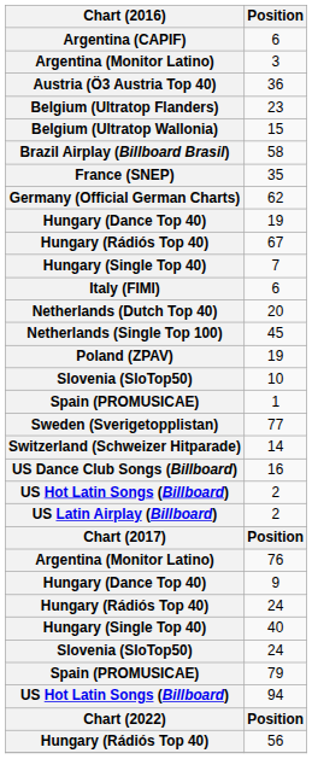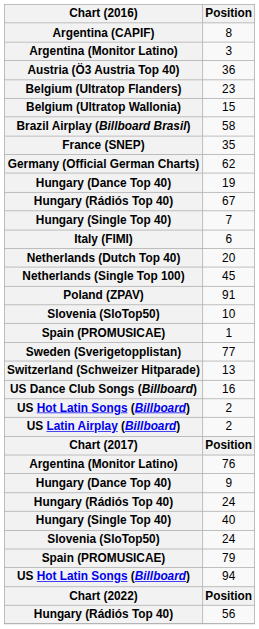 <table class="wikitable plainrowheaders sortable" style="text-align:center">
 <tr>
 <th scope="col">Chart (2016)</th>
 <th scope="col">Position</th>
 </tr>
 <tr>
 <th scope="row">Argentina (CAPIF)</th>
-<td>6</td>
+<td>8</td>
 </tr>
 <tr>
 <th scope="row">Argentina (Monitor Latino)</th>
 <td>3</td>
 </tr>
 <tr>
 <th scope="row">Austria (Ö3 Austria Top 40)</th>
 <td>36</td>
 </tr>
 <tr>
 <th scope="row">Belgium (Ultratop Flanders)</th>
 <td>23</td>
 </tr>
 <tr>
 <th scope="row">Belgium (Ultratop Wallonia)</th>
 <td>15</td>
 </tr>
 <tr>
 <th scope="row">Brazil Airplay (<em>Billboard Brasil</em>)</th>
 <td>58</td>
 </tr>
 <tr>
 <th scope="row">France (SNEP)</th>
 <td>35</td>
 </tr>
 <tr>
 <th scope="row">Germany (Official German Charts)</th>
 <td>62</td>
 </tr>
 <tr>
 <th scope="row">Hungary (Dance Top 40)</th>
 <td>19</td>
 </tr>
 <tr>
 <th scope="row">Hungary (Rádiós Top 40)</th>
 <td>67</td>
 </tr>
 <tr>
 <th scope="row">Hungary (Single Top 40)</th>
 <td>7</td>
 </tr>
 <tr>
 <th scope="row">Italy (FIMI)</th>
 <td>6</td>
 </tr>
 <tr>
 <th scope="row">Netherlands (Dutch Top 40)</th>
 <td>20</td>
 </tr>
 <tr>
 <th scope="row">Netherlands (Single Top 100)</th>
 <td>45</td>
 </tr>
 <tr>
 <th scope="row">Poland (ZPAV)</th>
-<td>19</td>
+<td>91</td>
 </tr>
 <tr>
 <th scope="row">Slovenia (SloTop50)</th>
 <td>10</td>
 </tr>
 <tr>
 <th scope="row">Spain (PROMUSICAE)</th>
 <td>1</td>
 </tr>
 <tr>
 <th scope="row">Sweden (Sverigetopplistan)</th>
 <td>77</td>
 </tr>
 <tr>
 <th scope="row">Switzerland (Schweizer Hitparade)</th>
-<td>14</td>
+<td>13</td>
 </tr>
 <tr>
 <th scope="row">US Dance Club Songs (<em>Billboard</em>)</th>
 <td>16</td>
 </tr>
 <tr>
 <th scope="row">US <a href='#'>Hot Latin Songs</a> (<em><a href='#'>Billboard</a></em>)</th>
 <td>2</td>
 </tr>
 <tr>
 <th scope="row">US <a href='#'>Latin Airplay</a> (<em><a href='#'>Billboard</a></em>)</th>
 <td>2</td>
 </tr>
 <tr>
 <th>Chart (2017)</th>
 <th>Position</th>
 </tr>
 <tr>
 <th scope="row">Argentina (Monitor Latino)</th>
 <td>76</td>
 </tr>
 <tr>
 <th scope="row">Hungary (Dance Top 40)</th>
 <td>9</td>
 </tr>
 <tr>
 <th scope="row">Hungary (Rádiós Top 40)</th>
 <td>24</td>
 </tr>
 <tr>
 <th scope="row">Hungary (Single Top 40)</th>
 <td>40</td>
 </tr>
 <tr>
 <th scope="row">Slovenia (SloTop50)</th>
 <td>24</td>
 </tr>
 <tr>
 <th scope="row">Spain (PROMUSICAE)</th>
 <td>79</td>
 </tr>
 <tr>
 <th scope="row">US <a href='#'>Hot Latin Songs</a> (<em><a href='#'>Billboard</a></em>)</th>
 <td>94</td>
 </tr>
 <tr>
 <th>Chart (2022)</th>
 <th>Position</th>
 </tr>
 <tr>
 <th scope="row">Hungary (Rádiós Top 40)</th>
 <td>56</td>
 </tr>
 <tr>
 </tr>
 </table>
